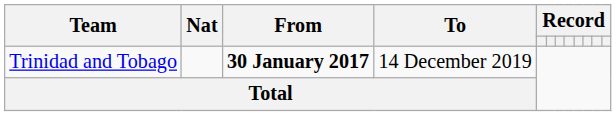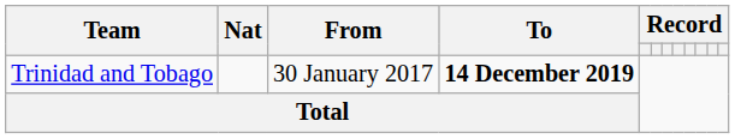 <table class="wikitable" style="text-align: center">
 <tr>
 <th rowspan="2">Team</th>
 <th rowspan="2">Nat</th>
 <th rowspan="2">From</th>
 <th rowspan="2">To</th>
 <th colspan="9">Record</th>
 </tr>
 <tr>
 <th></th>
 <th></th>
 <th></th>
 <th></th>
 <th></th>
 <th></th>
 <th></th>
 <th></th>
 </tr>
 <tr>
 <td align=left><a href='#'>Trinidad and Tobago</a></td>
 <td align=centre></td>
-<td align=left><strong>30 January 2017</strong></td>
-<td align=left>14 December 2019<br></td>
+<td align=left>30 January 2017</td>
+<td align=left><strong>14 December 2019<br></strong></td>
 </tr>
 <tr>
 <th colspan="4">Total<br></th>
 </tr>
 </table>
